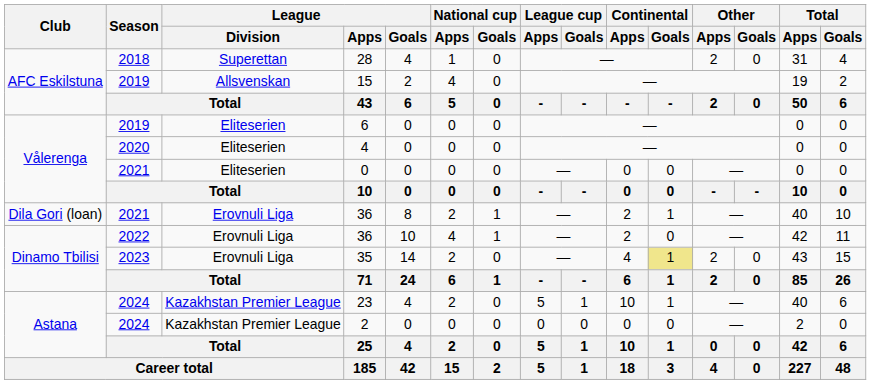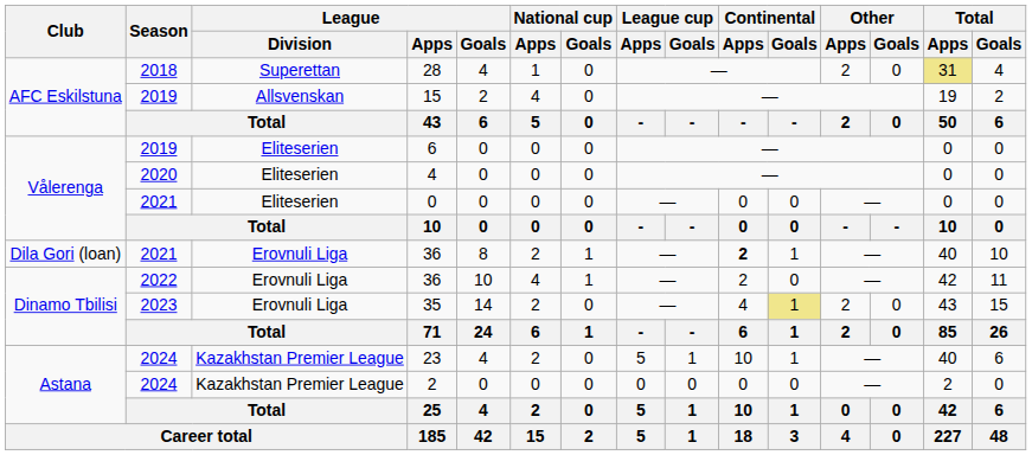 <table class="wikitable" style="text-align:center">
 <tr>
 <th rowspan="2">Club</th>
 <th rowspan="2">Season</th>
 <th colspan="3">League</th>
 <th colspan="2">National cup</th>
 <th colspan="2">League cup</th>
 <th colspan="2">Continental</th>
 <th colspan="2">Other</th>
 <th colspan="2">Total</th>
 </tr>
 <tr>
 <th>Division</th>
 <th>Apps</th>
 <th>Goals</th>
 <th>Apps</th>
 <th>Goals</th>
 <th>Apps</th>
 <th>Goals</th>
 <th>Apps</th>
 <th>Goals</th>
 <th>Apps</th>
 <th>Goals</th>
 <th>Apps</th>
 <th>Goals</th>
 </tr>
 <tr>
 <td rowspan="3"><a href='#'>AFC Eskilstuna</a></td>
 <td><a href='#'>2018</a></td>
 <td><a href='#'>Superettan</a></td>
 <td>28</td>
 <td>4</td>
 <td>1</td>
 <td>0</td>
 <td colspan="4">—</td>
 <td>2</td>
 <td>0</td>
-<td>31</td>
+<td style="background: khaki;">31</td>
 <td>4</td>
 </tr>
 <tr>
 <td><a href='#'>2019</a></td>
 <td><a href='#'>Allsvenskan</a></td>
 <td>15</td>
 <td>2</td>
 <td>4</td>
 <td>0</td>
 <td colspan="6">—</td>
 <td>19</td>
 <td>2</td>
 </tr>
 <tr>
 <th colspan="2">Total</th>
 <th>43</th>
 <th>6</th>
 <th>5</th>
 <th>0</th>
 <th>-</th>
 <th>-</th>
 <th>-</th>
 <th>-</th>
 <th>2</th>
 <th>0</th>
 <th>50</th>
 <th>6</th>
 </tr>
 <tr>
 <td rowspan="4"><a href='#'>Vålerenga</a></td>
 <td><a href='#'>2019</a></td>
 <td><a href='#'>Eliteserien</a></td>
 <td>6</td>
 <td>0</td>
 <td>0</td>
 <td>0</td>
 <td colspan="6">—</td>
 <td>0</td>
 <td>0</td>
 </tr>
 <tr>
 <td><a href='#'>2020</a></td>
 <td>Eliteserien</td>
 <td>4</td>
 <td>0</td>
 <td>0</td>
 <td>0</td>
 <td colspan="6">—</td>
 <td>0</td>
 <td>0</td>
 </tr>
 <tr>
 <td><a href='#'>2021</a></td>
 <td>Eliteserien</td>
 <td>0</td>
 <td>0</td>
 <td>0</td>
 <td>0</td>
 <td colspan="2">—</td>
 <td>0</td>
 <td>0</td>
 <td colspan="2">—</td>
 <td>0</td>
 <td>0</td>
 </tr>
 <tr>
 <th colspan="2">Total</th>
 <th>10</th>
 <th>0</th>
 <th>0</th>
 <th>0</th>
 <th>-</th>
 <th>-</th>
 <th>0</th>
 <th>0</th>
 <th>-</th>
 <th>-</th>
 <th>10</th>
 <th>0</th>
 </tr>
 <tr>
 <td><a href='#'>Dila Gori</a> (loan)</td>
 <td><a href='#'>2021</a></td>
 <td><a href='#'>Erovnuli Liga</a></td>
 <td>36</td>
 <td>8</td>
 <td>2</td>
 <td>1</td>
 <td colspan="2">—</td>
-<td>2</td>
+<td><strong>2</strong></td>
 <td>1</td>
 <td colspan="2">—</td>
 <td>40</td>
 <td>10</td>
 </tr>
 <tr>
 <td rowspan="3"><a href='#'>Dinamo Tbilisi</a></td>
 <td><a href='#'>2022</a></td>
 <td>Erovnuli Liga</td>
 <td>36</td>
 <td>10</td>
 <td>4</td>
 <td>1</td>
 <td colspan="2">—</td>
 <td>2</td>
 <td>0</td>
 <td colspan="2">—</td>
 <td>42</td>
 <td>11</td>
 </tr>
 <tr>
 <td><a href='#'>2023</a></td>
 <td>Erovnuli Liga</td>
 <td>35</td>
 <td>14</td>
 <td>2</td>
 <td>0</td>
 <td colspan="2">—</td>
 <td>4</td>
 <td style="background: khaki;">1</td>
 <td>2</td>
 <td>0</td>
 <td>43</td>
 <td>15</td>
 </tr>
 <tr>
 <th colspan="2">Total</th>
 <th>71</th>
 <th>24</th>
 <th>6</th>
 <th>1</th>
 <th>-</th>
 <th>-</th>
 <th>6</th>
 <th>1</th>
 <th>2</th>
 <th>0</th>
 <th>85</th>
 <th>26</th>
 </tr>
 <tr>
 <td rowspan="3"><a href='#'>Astana</a></td>
 <td><a href='#'>2024</a></td>
 <td><a href='#'>Kazakhstan Premier League</a></td>
 <td>23</td>
 <td>4</td>
 <td>2</td>
 <td>0</td>
 <td>5</td>
 <td>1</td>
 <td>10</td>
 <td>1</td>
 <td colspan="2">—</td>
 <td>40</td>
 <td>6</td>
 </tr>
 <tr>
 <td><a href='#'>2024</a></td>
 <td>Kazakhstan Premier League</td>
 <td>2</td>
 <td>0</td>
 <td>0</td>
 <td>0</td>
 <td>0</td>
 <td>0</td>
 <td>0</td>
 <td>0</td>
 <td colspan="2">—</td>
 <td>2</td>
 <td>0</td>
 </tr>
 <tr>
 <th colspan="2">Total</th>
 <th>25</th>
 <th>4</th>
 <th>2</th>
 <th>0</th>
 <th>5</th>
 <th>1</th>
 <th>10</th>
 <th>1</th>
 <th>0</th>
 <th>0</th>
 <th>42</th>
 <th>6</th>
 </tr>
 <tr>
 <th colspan="3">Career total</th>
 <th>185</th>
 <th>42</th>
 <th>15</th>
 <th>2</th>
 <th>5</th>
 <th>1</th>
 <th>18</th>
 <th>3</th>
 <th>4</th>
 <th>0</th>
 <th>227</th>
 <th>48</th>
 </tr>
 </table>
